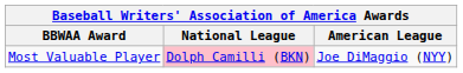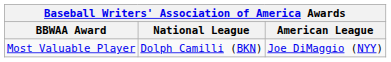 <table class="wikitable">
 <tr>
 <th colspan="3"><a href='#'>Baseball Writers' Association of America</a> Awards</th>
 </tr>
 <tr>
 <th>BBWAA Award</th>
 <th>National League</th>
 <th>American League</th>
 </tr>
 <tr>
 <td><a href='#'>Most Valuable Player</a></td>
-<td style="background: pink;"><a href='#'>Dolph Camilli</a> (<a href='#'>BKN</a>)</td>
+<td><a href='#'>Dolph Camilli</a> (<a href='#'>BKN</a>)</td>
 <td><a href='#'>Joe DiMaggio</a> (<a href='#'>NYY</a>)</td>
 </tr>
 </table>
